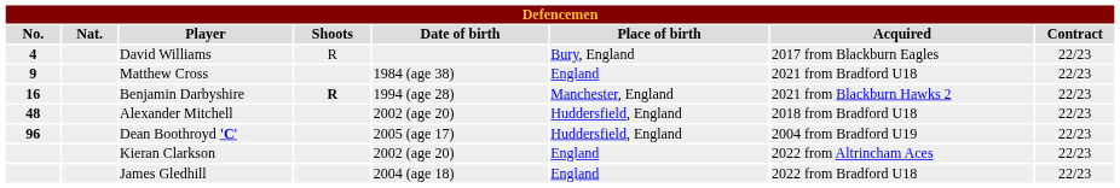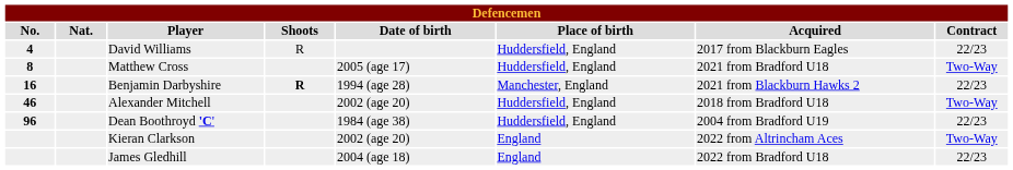 <table class="toccolours"  style="width:97%; clear:both; margin:1.5em auto; text-align:center;">
 <tr style="background:#ddd;">
 <th colspan="11" style="background:maroon; color:#fbbb36;”">Defencemen</th>
 </tr>
 <tr style="background:#ddd;">
 <th width=5%>No.</th>
 <th width=5%>Nat.</th>
 <th !width=22%>Player</th>
 <th width=7%>Shoots</th>
 <th width=16%>Date of birth</th>
 <th width=20%>Place of birth</th>
 <th width=24%>Acquired</th>
 <td><strong>Contract</strong></td>
 </tr>
 <tr style="background:#eee;">
 <td><strong>4</strong></td>
 <td></td>
 <td align=left>David Williams</td>
 <td>R</td>
 <td align=left></td>
-<td align=left><a href='#'>Bury</a>, England</td>
+<td align=left><a href='#'>Huddersfield</a>, England</td>
 <td align=left>2017 from Blackburn Eagles</td>
 <td>22/23</td>
 </tr>
 <tr style="background:#eee;">
-<td><strong>9</strong></td>
+<td><strong>8</strong></td>
 <td></td>
 <td align=left>Matthew Cross</td>
 <td></td>
-<td align=left>1984 (age 38)</td>
-<td align=left><a href='#'>England</a></td>
+<td align=left>2005 (age 17)</td>
+<td align=left><a href='#'>Huddersfield</a>, England</td>
 <td align=left>2021 from Bradford U18</td>
-<td>22/23</td>
+<td><a href='#'>Two-Way</a></td>
 </tr>
 <tr style="background:#eee;">
 <td><strong>16</strong></td>
 <td></td>
 <td align=left>Benjamin Darbyshire</td>
 <td><strong>R</strong></td>
 <td align=left>1994 (age 28)</td>
 <td align=left><a href='#'>Manchester</a>, England</td>
 <td align=left>2021 from <a href='#'>Blackburn Hawks 2</a></td>
 <td>22/23</td>
 </tr>
 <tr style="background:#eee;">
-<td><strong>48</strong></td>
+<td><strong>46</strong></td>
 <td></td>
 <td align=left>Alexander Mitchell</td>
 <td></td>
 <td align=left>2002 (age 20)</td>
 <td align=left><a href='#'>Huddersfield</a>, England</td>
 <td align=left>2018 from Bradford U18</td>
-<td>22/23</td>
+<td><a href='#'>Two-Way</a></td>
 </tr>
 <tr style="background:#eee;">
 <td><strong>96</strong></td>
 <td></td>
 <td align=left>Dean Boothroyd <a href='#'><strong>'C</strong>'</a></td>
 <td></td>
-<td align=left>2005 (age 17)</td>
+<td align=left>1984 (age 38)</td>
 <td align=left><a href='#'>Huddersfield</a>, England</td>
 <td align=left>2004 from Bradford U19</td>
 <td>22/23</td>
 </tr>
 <tr style="background:#eee;">
 <td></td>
 <td></td>
 <td align=left>Kieran Clarkson</td>
 <td></td>
 <td align=left>2002 (age 20)</td>
 <td align=left><a href='#'>England</a></td>
 <td align=left>2022 from <a href='#'>Altrincham Aces</a></td>
-<td>22/23</td>
+<td><a href='#'>Two-Way</a></td>
 </tr>
 <tr style="background:#eee;">
 <td></td>
 <td></td>
 <td align=left>James Gledhill</td>
 <td></td>
 <td align=left>2004 (age 18)</td>
 <td align=left><a href='#'>England</a></td>
 <td align=left>2022 from Bradford U18</td>
 <td>22/23</td>
 </tr>
 </table>
